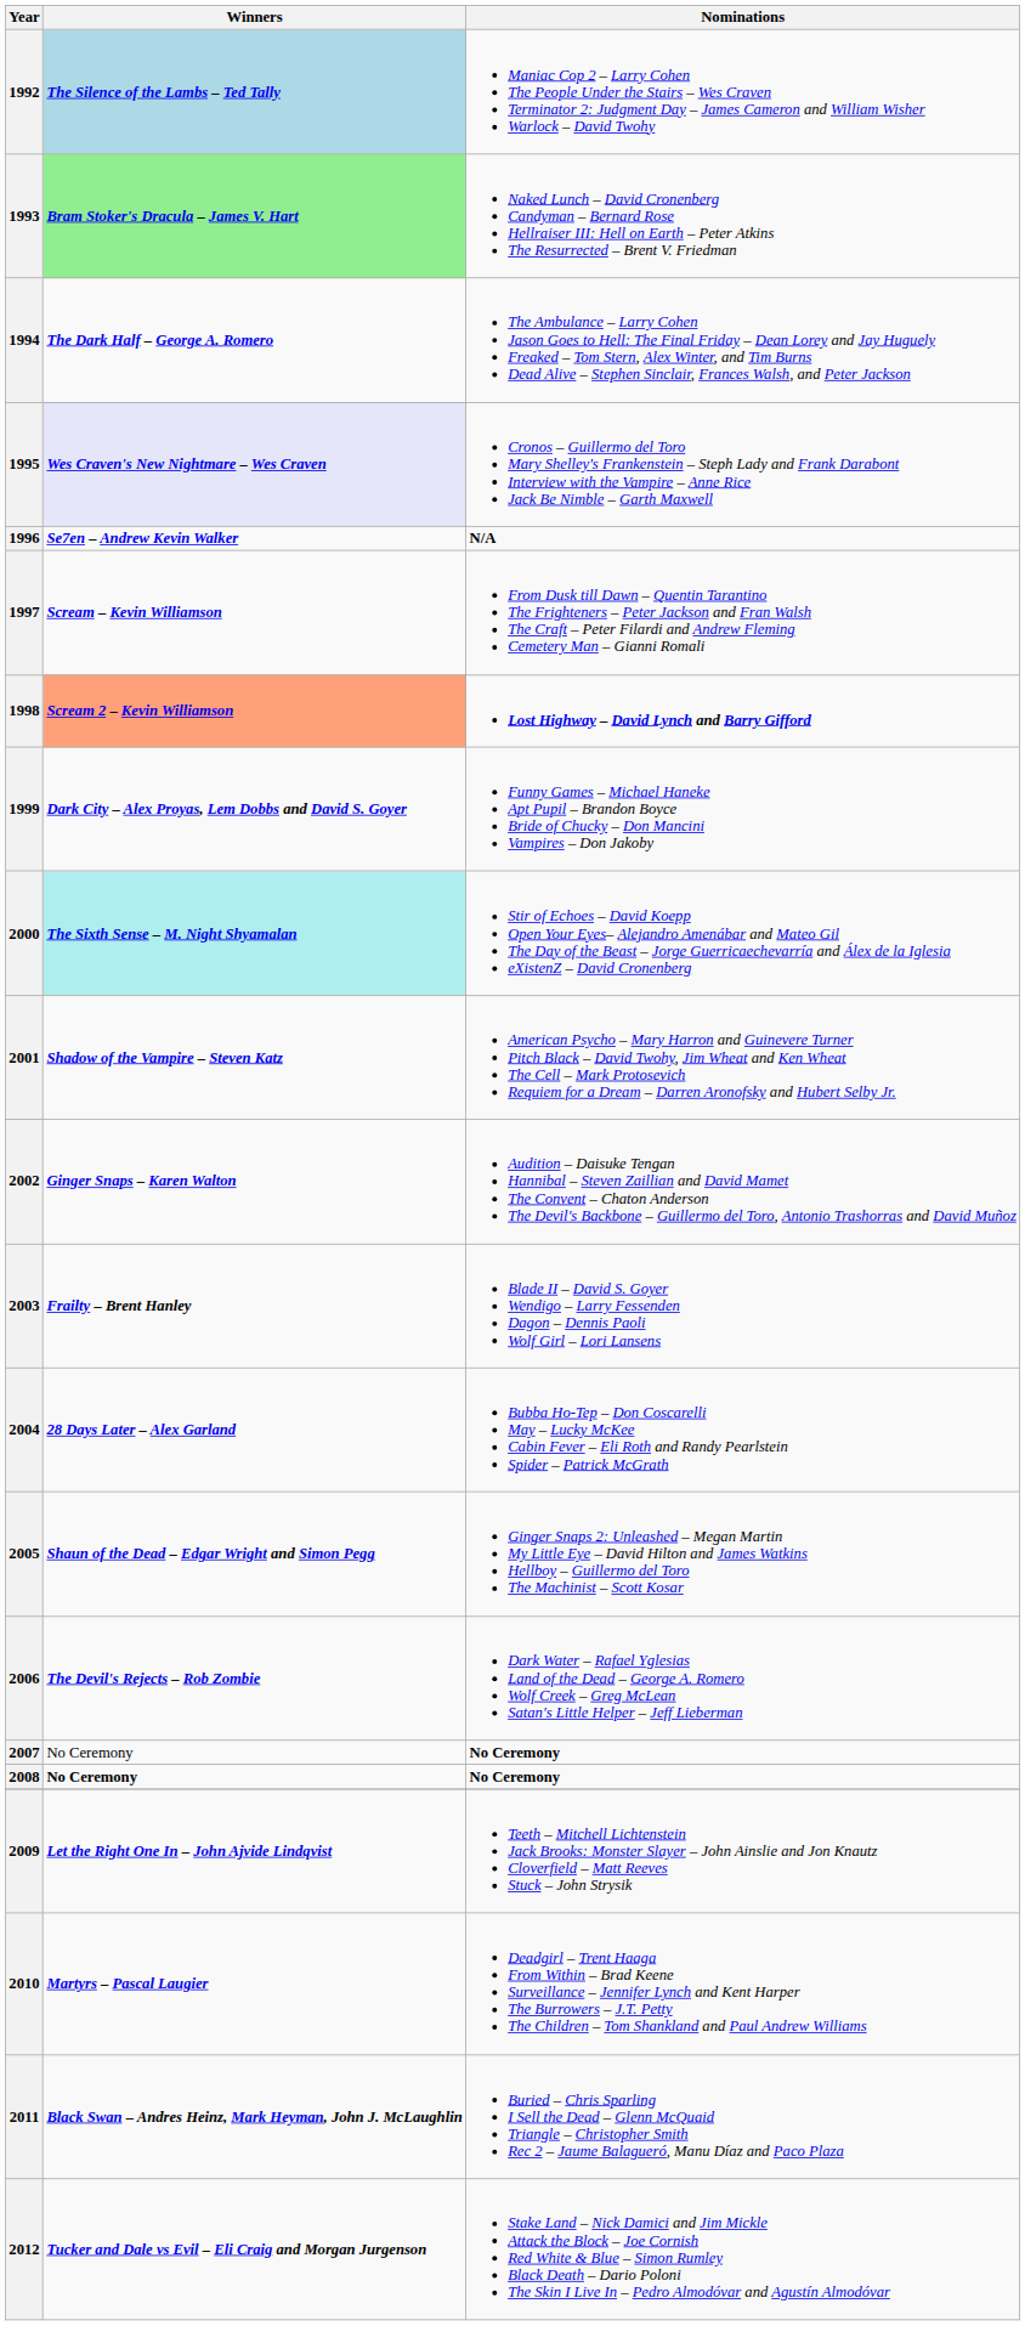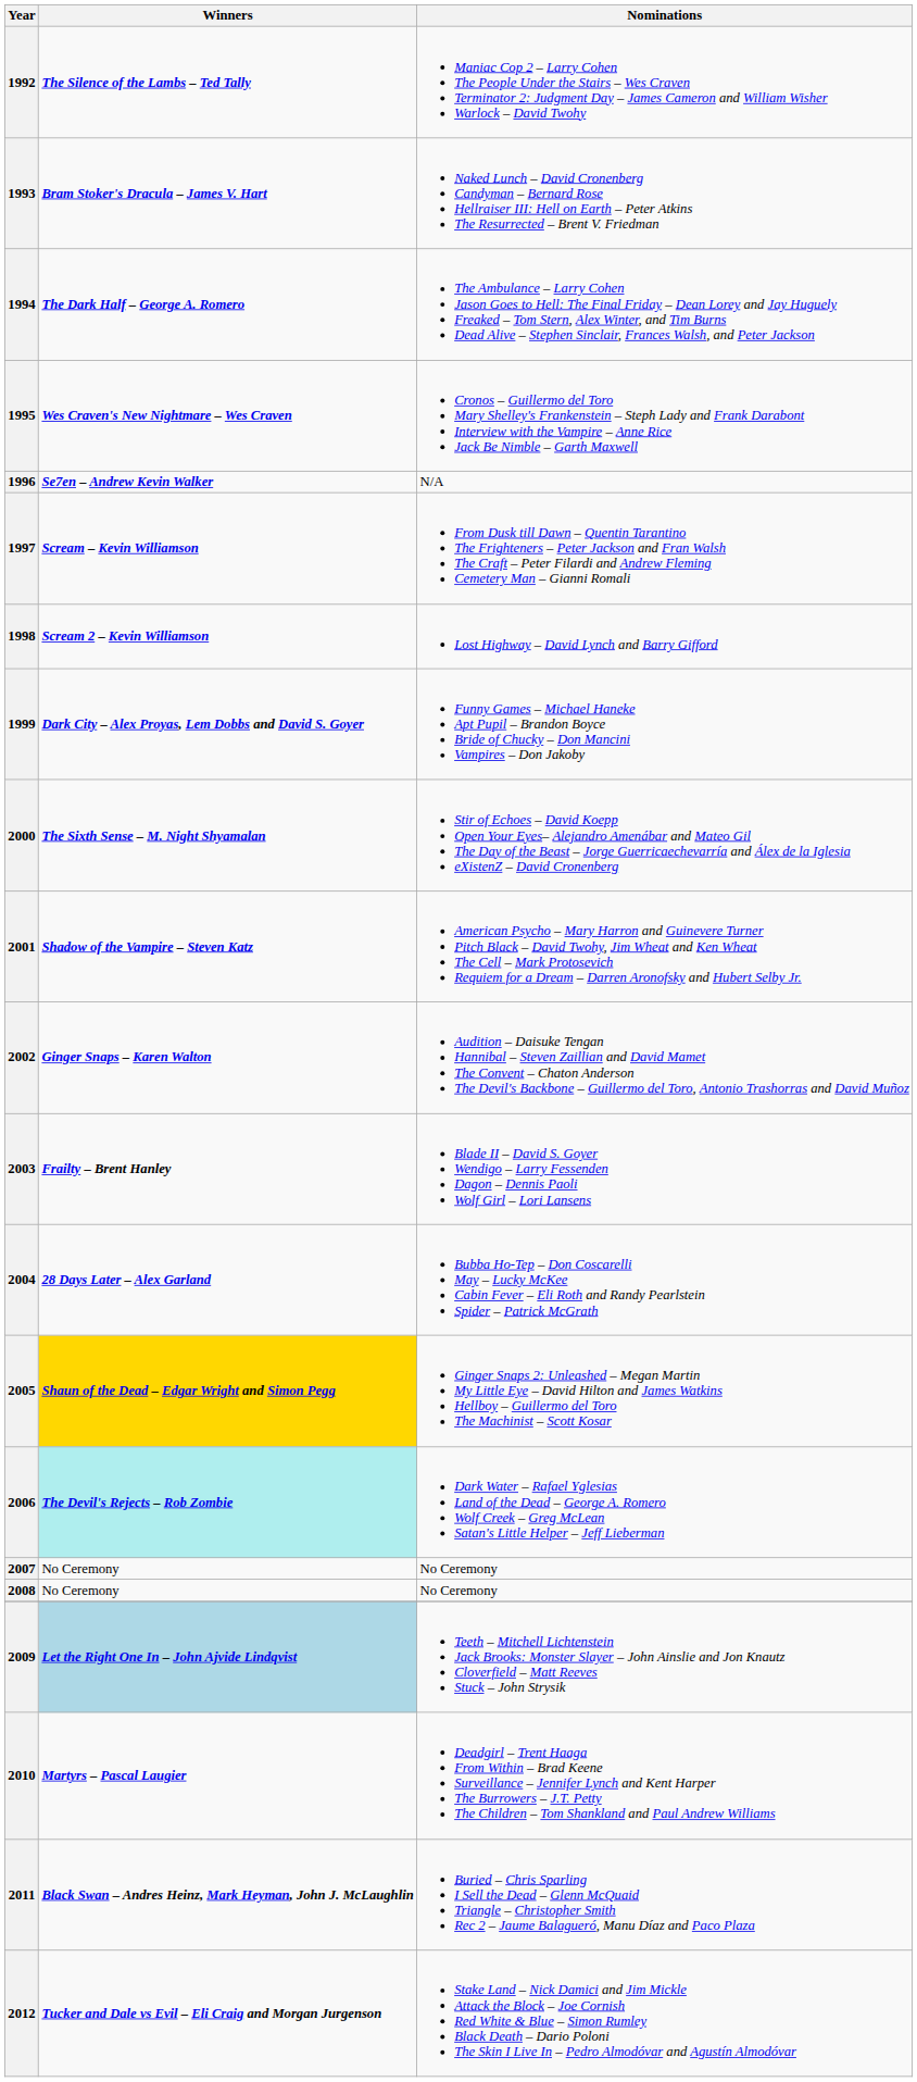 <table class="wikitable">
 <tr>
 <th>Year</th>
 <th>Winners</th>
 <th>Nominations</th>
 </tr>
 <tr>
 <th>1992</th>
-<td style="background: lightblue;"><strong><em><a href='#'>The Silence of the Lambs</a> – <a href='#'>Ted Tally</a></em></strong></td>
+<td><strong><em><a href='#'>The Silence of the Lambs</a> – <a href='#'>Ted Tally</a></em></strong></td>
 <td><br><ul><li><em><a href='#'>Maniac Cop 2</a> – <a href='#'>Larry Cohen</a></em></li><li><em><a href='#'>The People Under the Stairs</a> – <a href='#'>Wes Craven</a></em></li><li><em><a href='#'>Terminator 2: Judgment Day</a> – <a href='#'>James Cameron</a> and <a href='#'>William Wisher</a></em></li><li><em><a href='#'>Warlock</a></em> – <em><a href='#'>David Twohy</a></em></li></ul></td>
 </tr>
 <tr>
 <th>1993</th>
-<td style="background: lightgreen;"><strong><em><a href='#'>Bram Stoker's Dracula</a> – <a href='#'>James V. Hart</a></em></strong></td>
+<td><strong><em><a href='#'>Bram Stoker's Dracula</a> – <a href='#'>James V. Hart</a></em></strong></td>
 <td><br><ul><li><em><a href='#'>Naked Lunch</a> – <a href='#'>David Cronenberg</a></em></li><li><em><a href='#'>Candyman</a> – <a href='#'>Bernard Rose</a></em></li><li><em><a href='#'>Hellraiser III: Hell on Earth</a> – Peter Atkins</em></li><li><em><a href='#'>The Resurrected</a> – Brent V. Friedman</em></li></ul></td>
 </tr>
 <tr>
 <th>1994</th>
 <td><strong><em><a href='#'>The Dark Half</a> – <a href='#'>George A. Romero</a></em></strong></td>
 <td><br><ul><li><em><a href='#'>The Ambulance</a> – <a href='#'>Larry Cohen</a></em></li><li><em><a href='#'>Jason Goes to Hell: The Final Friday</a> – <a href='#'>Dean Lorey</a> and <a href='#'>Jay Huguely</a></em></li><li><em><a href='#'>Freaked</a> – <a href='#'>Tom Stern</a>, <a href='#'>Alex Winter</a>, and <a href='#'>Tim Burns</a></em></li><li><em><a href='#'>Dead Alive</a> – <a href='#'>Stephen Sinclair</a>, <a href='#'>Frances Walsh</a>, and <a href='#'>Peter Jackson</a></em></li></ul></td>
 </tr>
 <tr>
 <th>1995</th>
-<td style="background: lavender;"><strong><em><a href='#'>Wes Craven's New Nightmare</a> – <a href='#'>Wes Craven</a></em></strong></td>
+<td><strong><em><a href='#'>Wes Craven's New Nightmare</a> – <a href='#'>Wes Craven</a></em></strong></td>
 <td><br><ul><li><em><a href='#'>Cronos</a> – <a href='#'>Guillermo del Toro</a></em></li><li><em><a href='#'>Mary Shelley's Frankenstein</a> – Steph Lady and <a href='#'>Frank Darabont</a></em></li><li><em><a href='#'>Interview with the Vampire</a> – <a href='#'>Anne Rice</a></em></li><li><em><a href='#'>Jack Be Nimble</a> – <a href='#'>Garth Maxwell</a></em></li></ul></td>
 </tr>
 <tr>
 <th>1996</th>
 <td><strong><em><a href='#'>Se7en</a> – <a href='#'>Andrew Kevin Walker</a></em></strong></td>
-<td><strong>N/A</strong></td>
+<td>N/A</td>
 </tr>
 <tr>
 <th>1997</th>
 <td><strong><em><a href='#'>Scream</a> – <a href='#'>Kevin Williamson</a></em></strong></td>
 <td><br><ul><li><em><a href='#'>From Dusk till Dawn</a> – <a href='#'>Quentin Tarantino</a></em></li><li><em><a href='#'>The Frighteners</a> – <a href='#'>Peter Jackson</a> and <a href='#'>Fran Walsh</a></em></li><li><em><a href='#'>The Craft</a> – Peter Filardi and <a href='#'>Andrew Fleming</a></em></li><li><em><a href='#'>Cemetery Man</a> – Gianni Romali</em></li></ul></td>
 </tr>
 <tr>
 <th>1998</th>
-<td style="background: lightsalmon;"><strong><em><a href='#'>Scream 2</a> – <a href='#'>Kevin Williamson</a></em></strong></td>
-<td><strong><br><ul><li><em><a href='#'>Lost Highway</a> – <a href='#'>David Lynch</a> and <a href='#'>Barry Gifford</a></em></li></ul></strong></td>
+<td><strong><em><a href='#'>Scream 2</a> – <a href='#'>Kevin Williamson</a></em></strong></td>
+<td><br><ul><li><em><a href='#'>Lost Highway</a> – <a href='#'>David Lynch</a> and <a href='#'>Barry Gifford</a></em></li></ul></td>
 </tr>
 <tr>
 <th>1999</th>
 <td><strong><em><a href='#'>Dark City</a> – <a href='#'>Alex Proyas</a>, <a href='#'>Lem Dobbs</a> and <a href='#'>David S. Goyer</a></em></strong></td>
 <td><br><ul><li><em><a href='#'>Funny Games</a> – <a href='#'>Michael Haneke</a></em></li><li><em><a href='#'>Apt Pupil</a> – Brandon Boyce</em></li><li><em><a href='#'>Bride of Chucky</a> – <a href='#'>Don Mancini</a></em></li><li><em><a href='#'>Vampires</a> – Don Jakoby</em></li></ul></td>
 </tr>
 <tr>
 <th>2000</th>
-<td style="background: paleturquoise;"><strong><em><a href='#'>The Sixth Sense</a> – <a href='#'>M. Night Shyamalan</a></em></strong></td>
+<td><strong><em><a href='#'>The Sixth Sense</a> – <a href='#'>M. Night Shyamalan</a></em></strong></td>
 <td><br><ul><li><em><a href='#'>Stir of Echoes</a> – <a href='#'>David Koepp</a></em></li><li><em><a href='#'>Open Your Eyes</a>– <a href='#'>Alejandro Amenábar</a> and <a href='#'>Mateo Gil</a></em></li><li><em><a href='#'>The Day of the Beast</a> – <a href='#'>Jorge Guerricaechevarría</a> and <a href='#'>Álex de la Iglesia</a></em></li><li><em><a href='#'>eXistenZ</a></em> – <em><a href='#'>David Cronenberg</a></em></li></ul></td>
 </tr>
 <tr>
 <th>2001</th>
 <td><strong><em><a href='#'>Shadow of the Vampire</a> – <a href='#'>Steven Katz</a></em></strong></td>
 <td><br><ul><li><em><a href='#'>American Psycho</a> – <a href='#'>Mary Harron</a> and <a href='#'>Guinevere Turner</a></em></li><li><em><a href='#'>Pitch Black</a> – <a href='#'>David Twohy</a>, <a href='#'>Jim Wheat</a> and <a href='#'>Ken Wheat</a></em></li><li><em><a href='#'>The Cell</a> – <a href='#'>Mark Protosevich</a></em></li><li><em><a href='#'>Requiem for a Dream</a> – <a href='#'>Darren Aronofsky</a> and <a href='#'>Hubert Selby Jr.</a></em></li></ul></td>
 </tr>
 <tr>
 <th>2002</th>
 <td><strong><em><a href='#'>Ginger Snaps</a> – <a href='#'>Karen Walton</a></em></strong></td>
 <td><br><ul><li><em><a href='#'>Audition</a> – Daisuke Tengan</em></li><li><em><a href='#'>Hannibal</a> – <a href='#'>Steven Zaillian</a> and <a href='#'>David Mamet</a></em></li><li><em><a href='#'>The Convent</a> – Chaton Anderson</em></li><li><em><a href='#'>The Devil's Backbone</a></em> – <em><a href='#'>Guillermo del Toro</a>, <a href='#'>Antonio Trashorras</a> and <a href='#'>David Muñoz</a></em></li></ul></td>
 </tr>
 <tr>
 <th>2003</th>
 <td><strong><em><a href='#'>Frailty</a> – Brent Hanley</em></strong></td>
 <td><br><ul><li><em><a href='#'>Blade II</a> – <a href='#'>David S. Goyer</a></em></li><li><em><a href='#'>Wendigo</a> – <a href='#'>Larry Fessenden</a></em></li><li><em><a href='#'>Dagon</a> – <a href='#'>Dennis Paoli</a></em></li><li><em><a href='#'>Wolf Girl</a></em> – <em><a href='#'>Lori Lansens</a></em></li></ul></td>
 </tr>
 <tr>
 <th>2004</th>
 <td><strong><em><a href='#'>28 Days Later</a> – <a href='#'>Alex Garland</a></em></strong></td>
 <td><br><ul><li><em><a href='#'>Bubba Ho-Tep</a> – <a href='#'>Don Coscarelli</a></em></li><li><em><a href='#'>May</a> – <a href='#'>Lucky McKee</a></em></li><li><em><a href='#'>Cabin Fever</a> – <a href='#'>Eli Roth</a> and Randy Pearlstein</em></li><li><em><a href='#'>Spider</a></em> – <em><a href='#'>Patrick McGrath</a></em></li></ul></td>
 </tr>
 <tr>
 <th>2005</th>
-<td><strong><em><a href='#'>Shaun of the Dead</a> – <a href='#'>Edgar Wright</a> and <a href='#'>Simon Pegg</a></em></strong></td>
+<td style="background: gold;"><strong><em><a href='#'>Shaun of the Dead</a> – <a href='#'>Edgar Wright</a> and <a href='#'>Simon Pegg</a></em></strong></td>
 <td><br><ul><li><em><a href='#'>Ginger Snaps 2: Unleashed</a> – Megan Martin</em></li><li><em><a href='#'>My Little Eye</a> – David Hilton and <a href='#'>James Watkins</a></em></li><li><em><a href='#'>Hellboy</a> – <a href='#'>Guillermo del Toro</a></em></li><li><em><a href='#'>The Machinist</a></em> – <em><a href='#'>Scott Kosar</a></em></li></ul></td>
 </tr>
 <tr>
 <th>2006</th>
-<td><strong><em><a href='#'>The Devil's Rejects</a> – <a href='#'>Rob Zombie</a></em></strong></td>
+<td style="background: paleturquoise;"><strong><em><a href='#'>The Devil's Rejects</a> – <a href='#'>Rob Zombie</a></em></strong></td>
 <td><br><ul><li><em><a href='#'>Dark Water</a> – <a href='#'>Rafael Yglesias</a></em></li><li><em><a href='#'>Land of the Dead</a> – <a href='#'>George A. Romero</a></em></li><li><em><a href='#'>Wolf Creek</a> – <a href='#'>Greg McLean</a></em></li><li><em><a href='#'>Satan's Little Helper</a></em> – <em><a href='#'>Jeff Lieberman</a></em></li></ul></td>
 </tr>
 <tr>
 <th>2007</th>
 <td>No Ceremony</td>
-<td><strong>No Ceremony</strong></td>
+<td>No Ceremony</td>
 </tr>
 <tr>
 <th>2008</th>
-<td><strong>No Ceremony</strong></td>
-<td><strong>No Ceremony</strong></td>
+<td>No Ceremony</td>
+<td>No Ceremony</td>
 </tr>
 <tr>
 </tr>
 <tr>
 <th>2009</th>
-<td><strong><em><a href='#'>Let the Right One In</a> – <a href='#'>John Ajvide Lindqvist</a></em></strong></td>
+<td style="background: lightblue;"><strong><em><a href='#'>Let the Right One In</a> – <a href='#'>John Ajvide Lindqvist</a></em></strong></td>
 <td><br><ul><li><em><a href='#'>Teeth</a> – <a href='#'>Mitchell Lichtenstein</a></em></li><li><em><a href='#'>Jack Brooks: Monster Slayer</a> – John Ainslie and Jon Knautz</em></li><li><em><a href='#'>Cloverfield</a> – <a href='#'>Matt Reeves</a></em></li><li><em><a href='#'>Stuck</a> – John Strysik</em></li></ul></td>
 </tr>
 <tr>
 <th>2010</th>
 <td><strong><em><a href='#'>Martyrs</a> – <a href='#'>Pascal Laugier</a></em></strong></td>
 <td><br><ul><li><em><a href='#'>Deadgirl</a> – <a href='#'>Trent Haaga</a></em></li><li><em><a href='#'>From Within</a> – Brad Keene</em></li><li><em><a href='#'>Surveillance</a> – <a href='#'>Jennifer Lynch</a> and Kent Harper</em></li><li><em><a href='#'>The Burrowers</a></em> – <em><a href='#'>J.T. Petty</a></em></li><li><em><a href='#'>The Children</a></em> – <em><a href='#'>Tom Shankland</a> and <a href='#'>Paul Andrew Williams</a></em></li></ul></td>
 </tr>
 <tr>
 <th>2011</th>
 <td><strong><em><a href='#'>Black Swan</a> – Andres Heinz, <a href='#'>Mark Heyman</a>, John J. McLaughlin</em></strong></td>
 <td><br><ul><li><em><a href='#'>Buried</a> – <a href='#'>Chris Sparling</a></em></li><li><em><a href='#'>I Sell the Dead</a> – <a href='#'>Glenn McQuaid</a></em></li><li><em><a href='#'>Triangle</a> – <a href='#'>Christopher Smith</a></em></li><li><em><a href='#'>Rec 2</a></em> – <em><a href='#'>Jaume Balagueró</a>, Manu Díaz and <a href='#'>Paco Plaza</a></em></li></ul></td>
 </tr>
 <tr>
 <th>2012</th>
 <td><strong><em><a href='#'>Tucker and Dale vs Evil</a> – <a href='#'>Eli Craig</a> and Morgan Jurgenson</em></strong></td>
 <td><br><ul><li><em><a href='#'>Stake Land</a> – <a href='#'>Nick Damici</a> and <a href='#'>Jim Mickle</a></em></li><li><em><a href='#'>Attack the Block</a> – <a href='#'>Joe Cornish</a></em></li><li><em><a href='#'>Red White & Blue</a> – <a href='#'>Simon Rumley</a></em></li><li><em><a href='#'>Black Death</a></em> – <em>Dario Poloni</em></li><li><em><a href='#'>The Skin I Live In</a></em> – <em><a href='#'>Pedro Almodóvar</a> and <a href='#'>Agustín Almodóvar</a></em></li></ul></td>
 </tr>
 </table>
